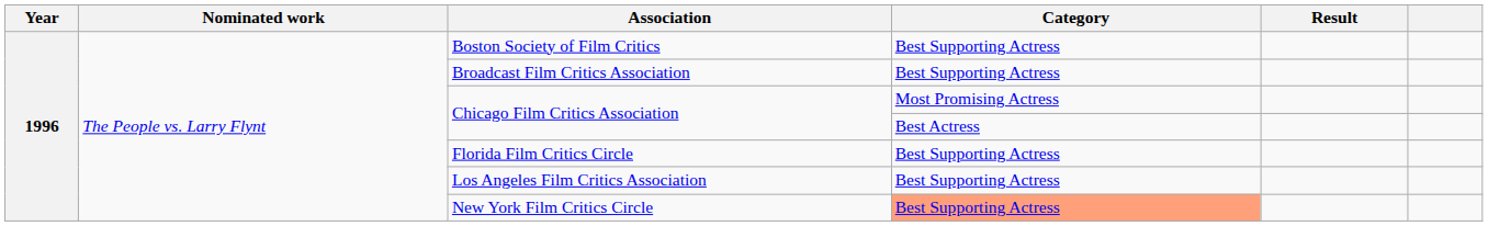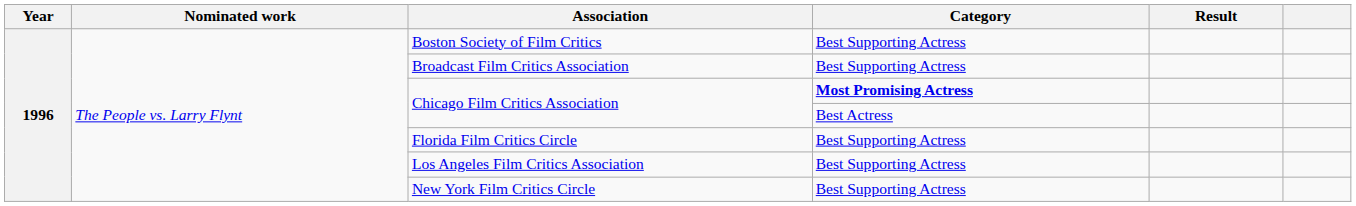 <table class="wikitable unsortable plainrowheaders" style="width:70%;">
 <tr>
 <th width=5%>Year</th>
 <th style="width:25%;">Nominated work</th>
 <th style="width:30%;">Association</th>
 <th style="width:25%;">Category</th>
 <th style="width:10%;">Result</th>
 <th width=5%></th>
 </tr>
 <tr>
 <th scope="row" rowspan="7">1996</th>
 <td rowspan="7"><em><a href='#'>The People vs. Larry Flynt</a></em></td>
 <td><a href='#'>Boston Society of Film Critics</a></td>
 <td><a href='#'>Best Supporting Actress</a></td>
 <td></td>
 <td style="text-align:center;"></td>
 </tr>
 <tr>
 <td><a href='#'>Broadcast Film Critics Association</a></td>
 <td><a href='#'>Best Supporting Actress</a></td>
 <td></td>
 <td style="text-align:center;"></td>
 </tr>
 <tr>
 <td rowspan="2"><a href='#'>Chicago Film Critics Association</a></td>
-<td><a href='#'>Most Promising Actress</a></td>
+<td><strong><a href='#'>Most Promising Actress</a></strong></td>
 <td></td>
 <td style="text-align:center;"></td>
 </tr>
 <tr>
 <td><a href='#'>Best Actress</a></td>
 <td></td>
 <td style="text-align:center;"></td>
 </tr>
 <tr>
 <td><a href='#'>Florida Film Critics Circle</a></td>
 <td><a href='#'>Best Supporting Actress</a></td>
 <td></td>
 <td style="text-align:center;"></td>
 </tr>
 <tr>
 <td><a href='#'>Los Angeles Film Critics Association</a></td>
 <td><a href='#'>Best Supporting Actress</a></td>
 <td></td>
 <td style="text-align:center;"></td>
 </tr>
 <tr>
 <td><a href='#'>New York Film Critics Circle</a></td>
-<td style="background: lightsalmon;"><a href='#'>Best Supporting Actress</a></td>
+<td><a href='#'>Best Supporting Actress</a></td>
 <td></td>
 <td style="text-align:center;"></td>
 </tr>
 </table>
